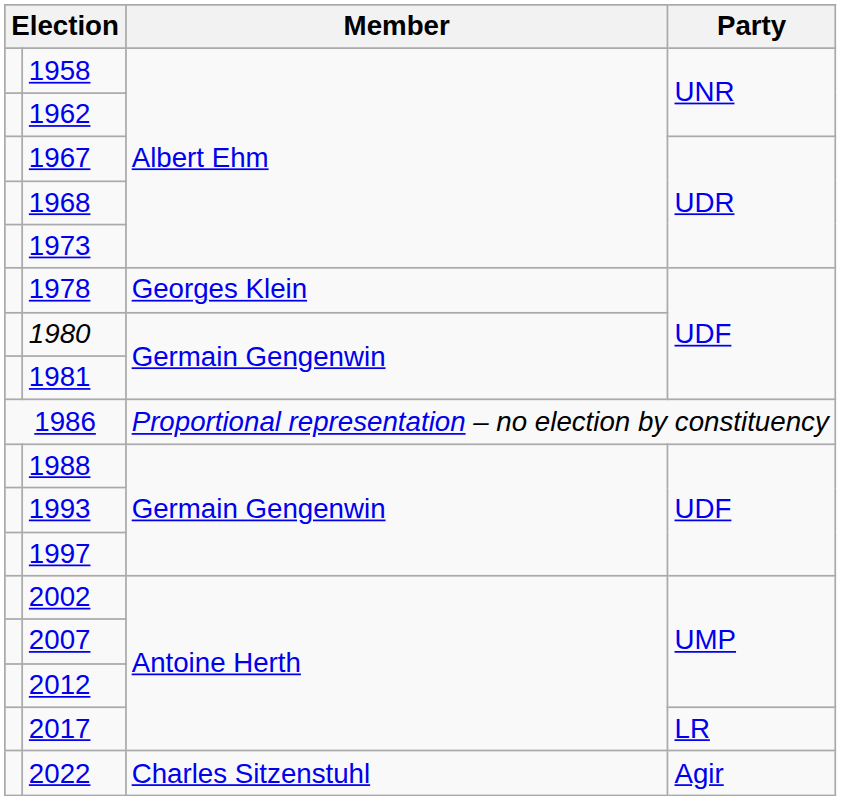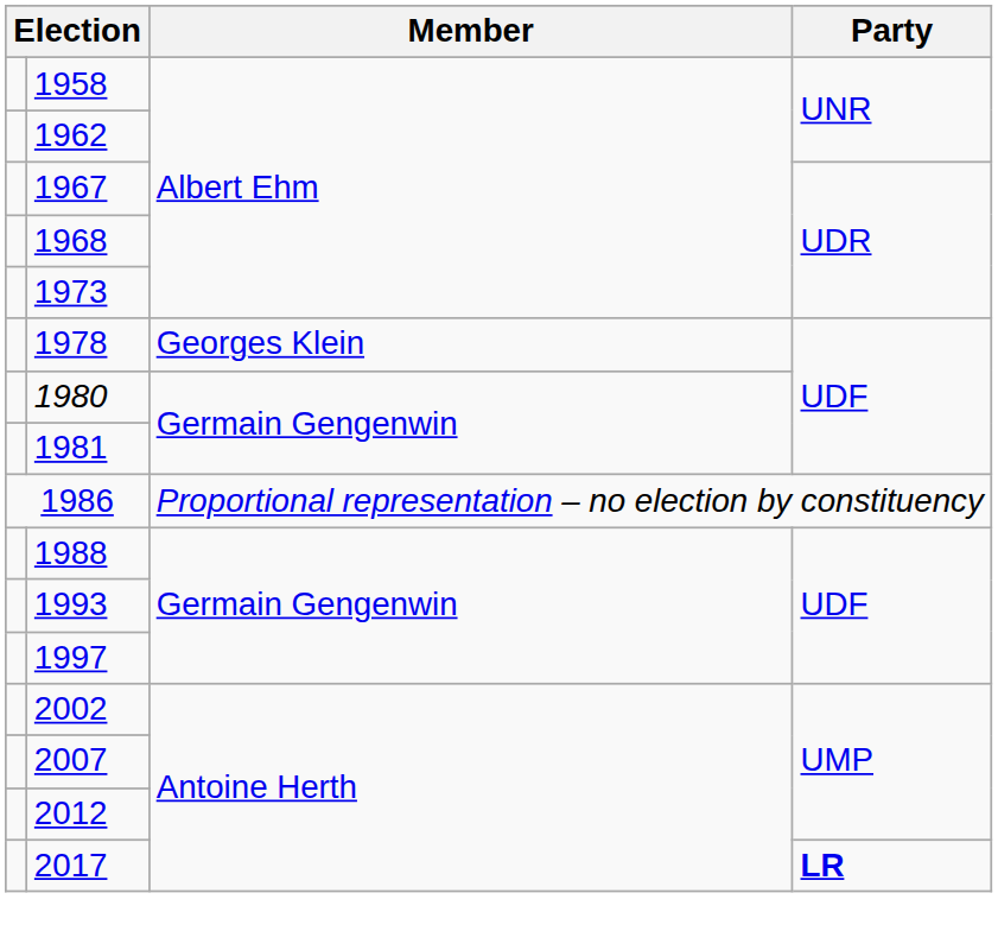 <table class="wikitable">
 <tr>
 <th colspan="2">Election</th>
 <th>Member</th>
 <th>Party</th>
 </tr>
 <tr>
 <td style="background-color: "></td>
 <td><a href='#'>1958</a></td>
 <td rowspan="5"><a href='#'>Albert Ehm</a></td>
 <td rowspan="2"><a href='#'>UNR</a></td>
 </tr>
 <tr>
 <td style="background-color: "></td>
 <td><a href='#'>1962</a></td>
 </tr>
 <tr>
 <td style="background-color: "></td>
 <td><a href='#'>1967</a></td>
 <td rowspan="3"><a href='#'>UDR</a></td>
 </tr>
 <tr>
 <td style="background-color: "></td>
 <td><a href='#'>1968</a></td>
 </tr>
 <tr>
 <td style="background-color: "></td>
 <td><a href='#'>1973</a></td>
 </tr>
 <tr>
 <td style="background-color: "></td>
 <td><a href='#'>1978</a></td>
 <td><a href='#'>Georges Klein</a></td>
 <td rowspan="3"><a href='#'>UDF</a></td>
 </tr>
 <tr>
 <td style="background-color: "></td>
 <td><em>1980</em></td>
 <td rowspan="2"><a href='#'>Germain Gengenwin</a></td>
 </tr>
 <tr>
 <td style="background-color: "></td>
 <td><a href='#'>1981</a></td>
 </tr>
 <tr>
 <td colspan="2" align="center"><a href='#'>1986</a></td>
 <td colspan="2"><em><a href='#'>Proportional representation</a> – no election by constituency</em></td>
 </tr>
 <tr>
 <td style="background-color: "></td>
 <td><a href='#'>1988</a></td>
 <td rowspan="3"><a href='#'>Germain Gengenwin</a></td>
 <td rowspan="3"><a href='#'>UDF</a></td>
 </tr>
 <tr>
 <td style="background-color: "></td>
 <td><a href='#'>1993</a></td>
 </tr>
 <tr>
 <td style="background-color: "></td>
 <td><a href='#'>1997</a></td>
 </tr>
 <tr>
 <td style="background-color: "></td>
 <td><a href='#'>2002</a></td>
 <td rowspan="4"><a href='#'>Antoine Herth</a></td>
 <td rowspan="3"><a href='#'>UMP</a></td>
 </tr>
 <tr>
 <td style="background-color: "></td>
 <td><a href='#'>2007</a></td>
 </tr>
 <tr>
 <td style="background-color: "></td>
 <td><a href='#'>2012</a></td>
 </tr>
 <tr>
 <td style="background-color: "></td>
 <td><a href='#'>2017</a></td>
-<td><a href='#'>LR</a></td>
-</tr>
-<tr>
-<td style="background-color: "></td>
-<td><a href='#'>2022</a></td>
-<td><a href='#'>Charles Sitzenstuhl</a></td>
-<td><a href='#'>Agir</a></td>
+<td><strong><a href='#'>LR</a></strong></td>
 </tr>
 </table>
